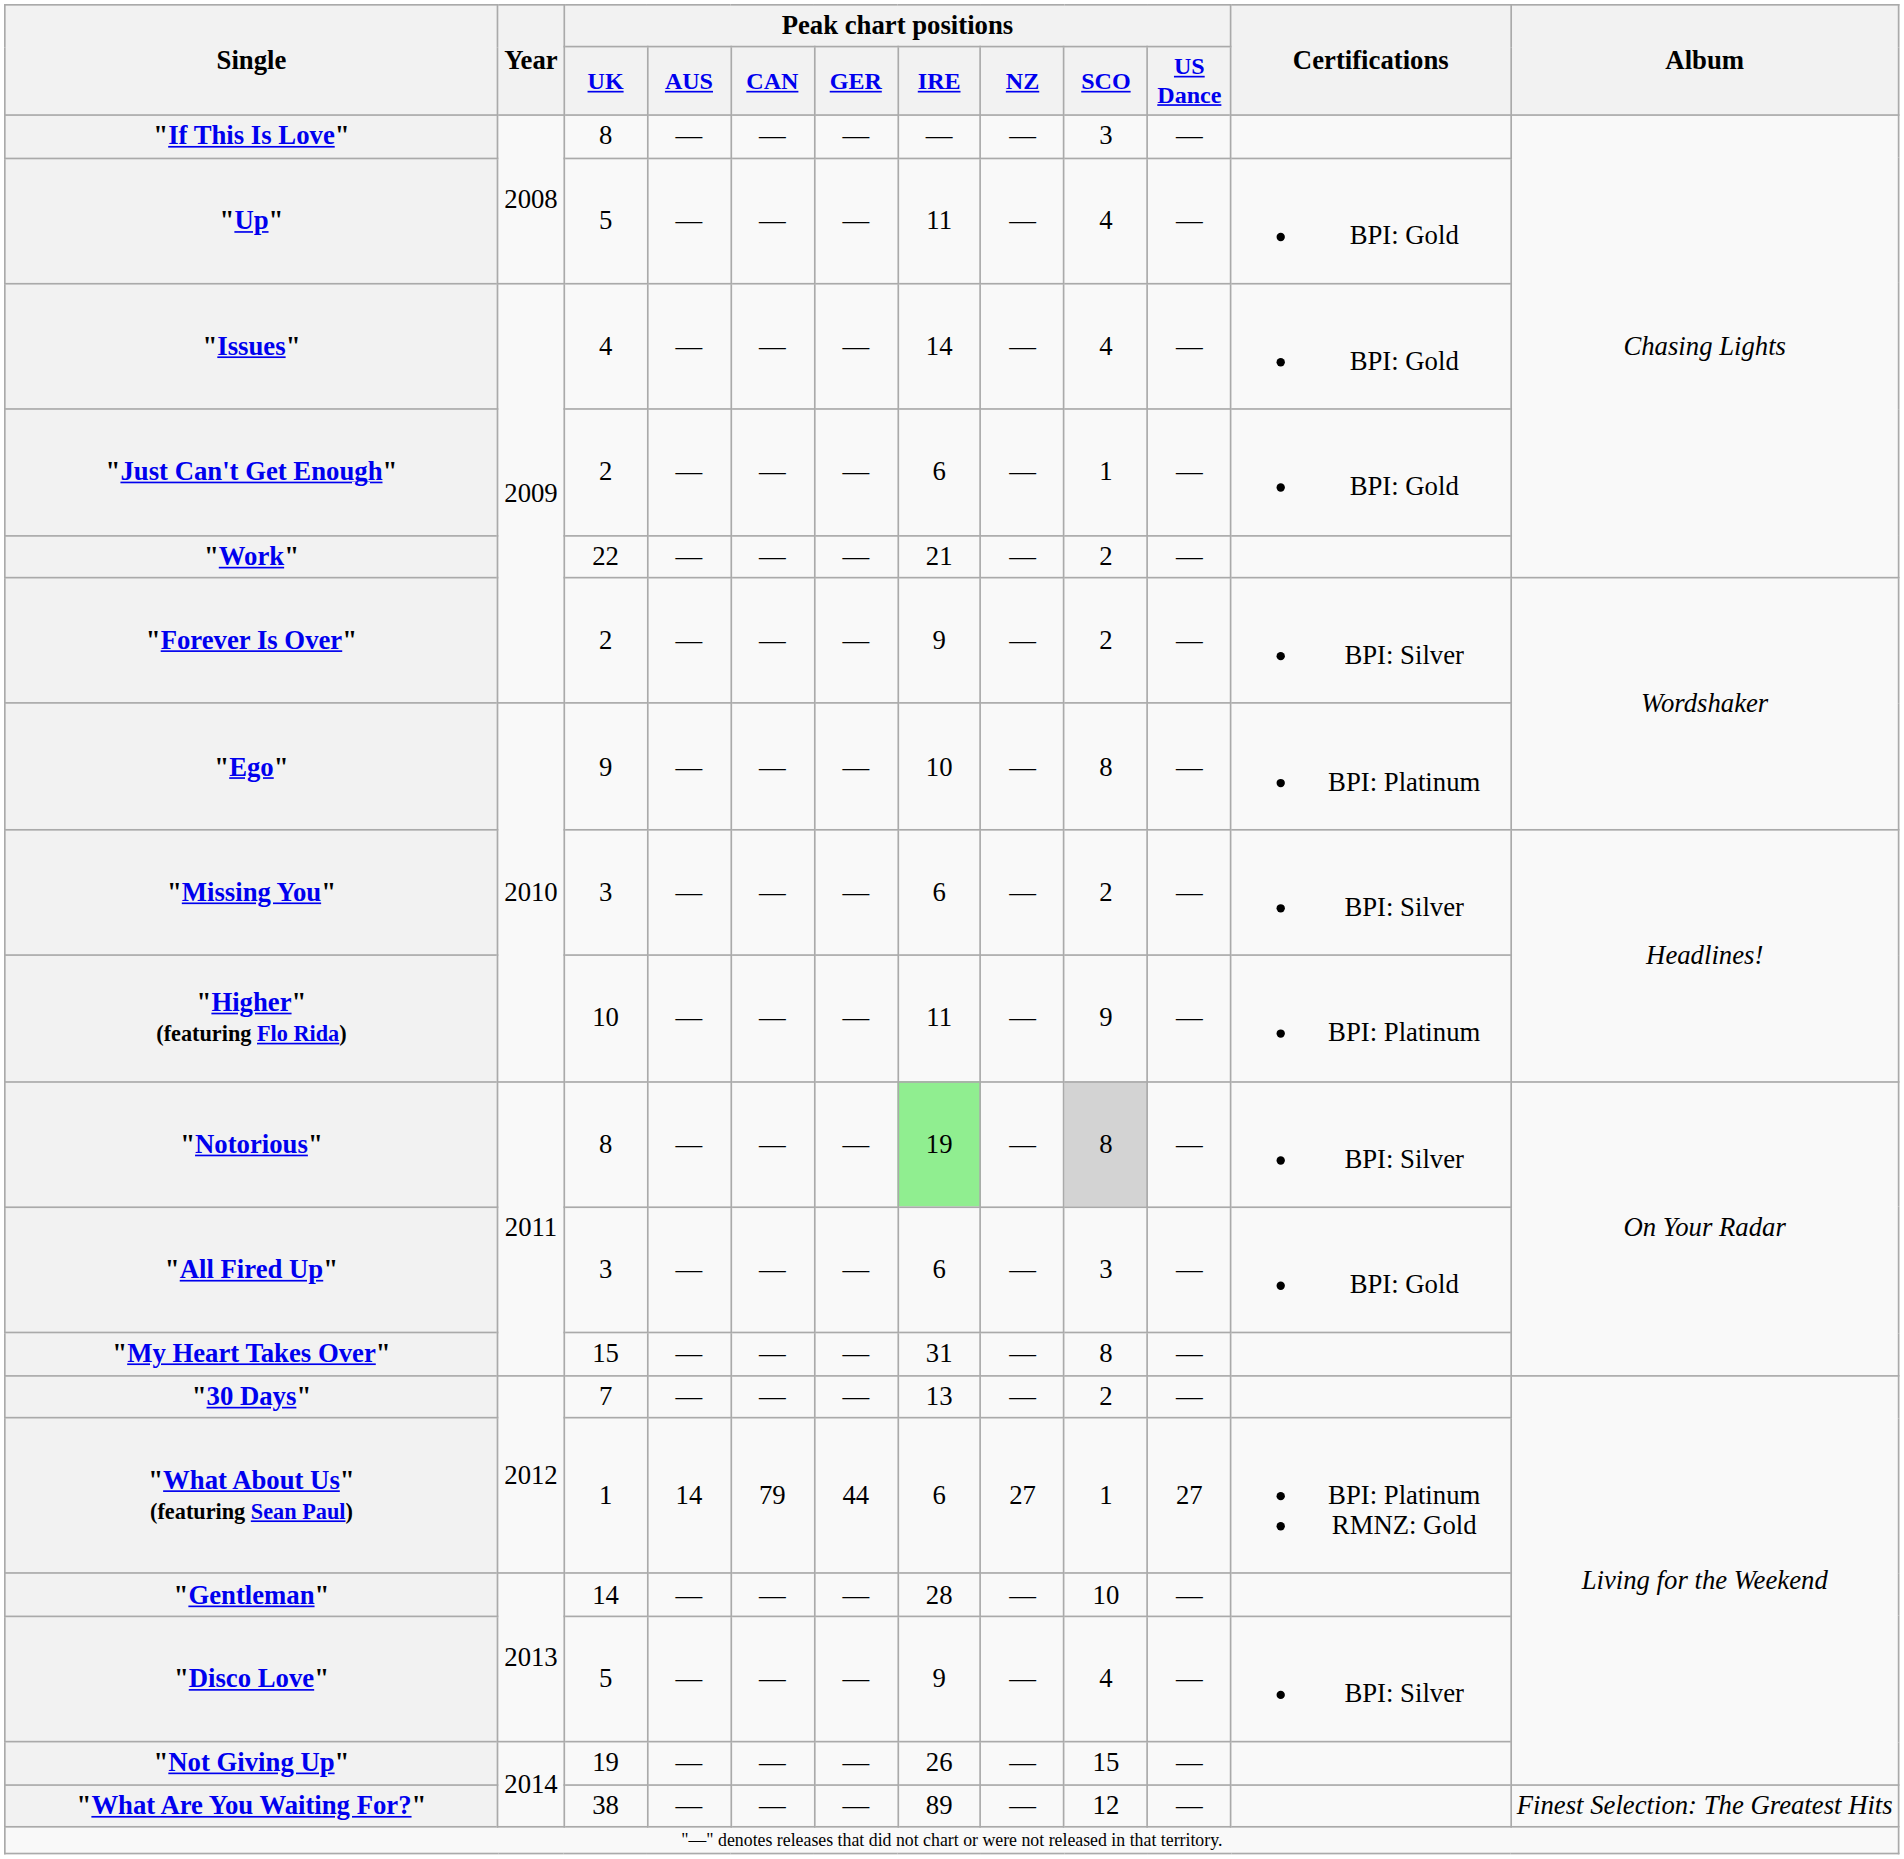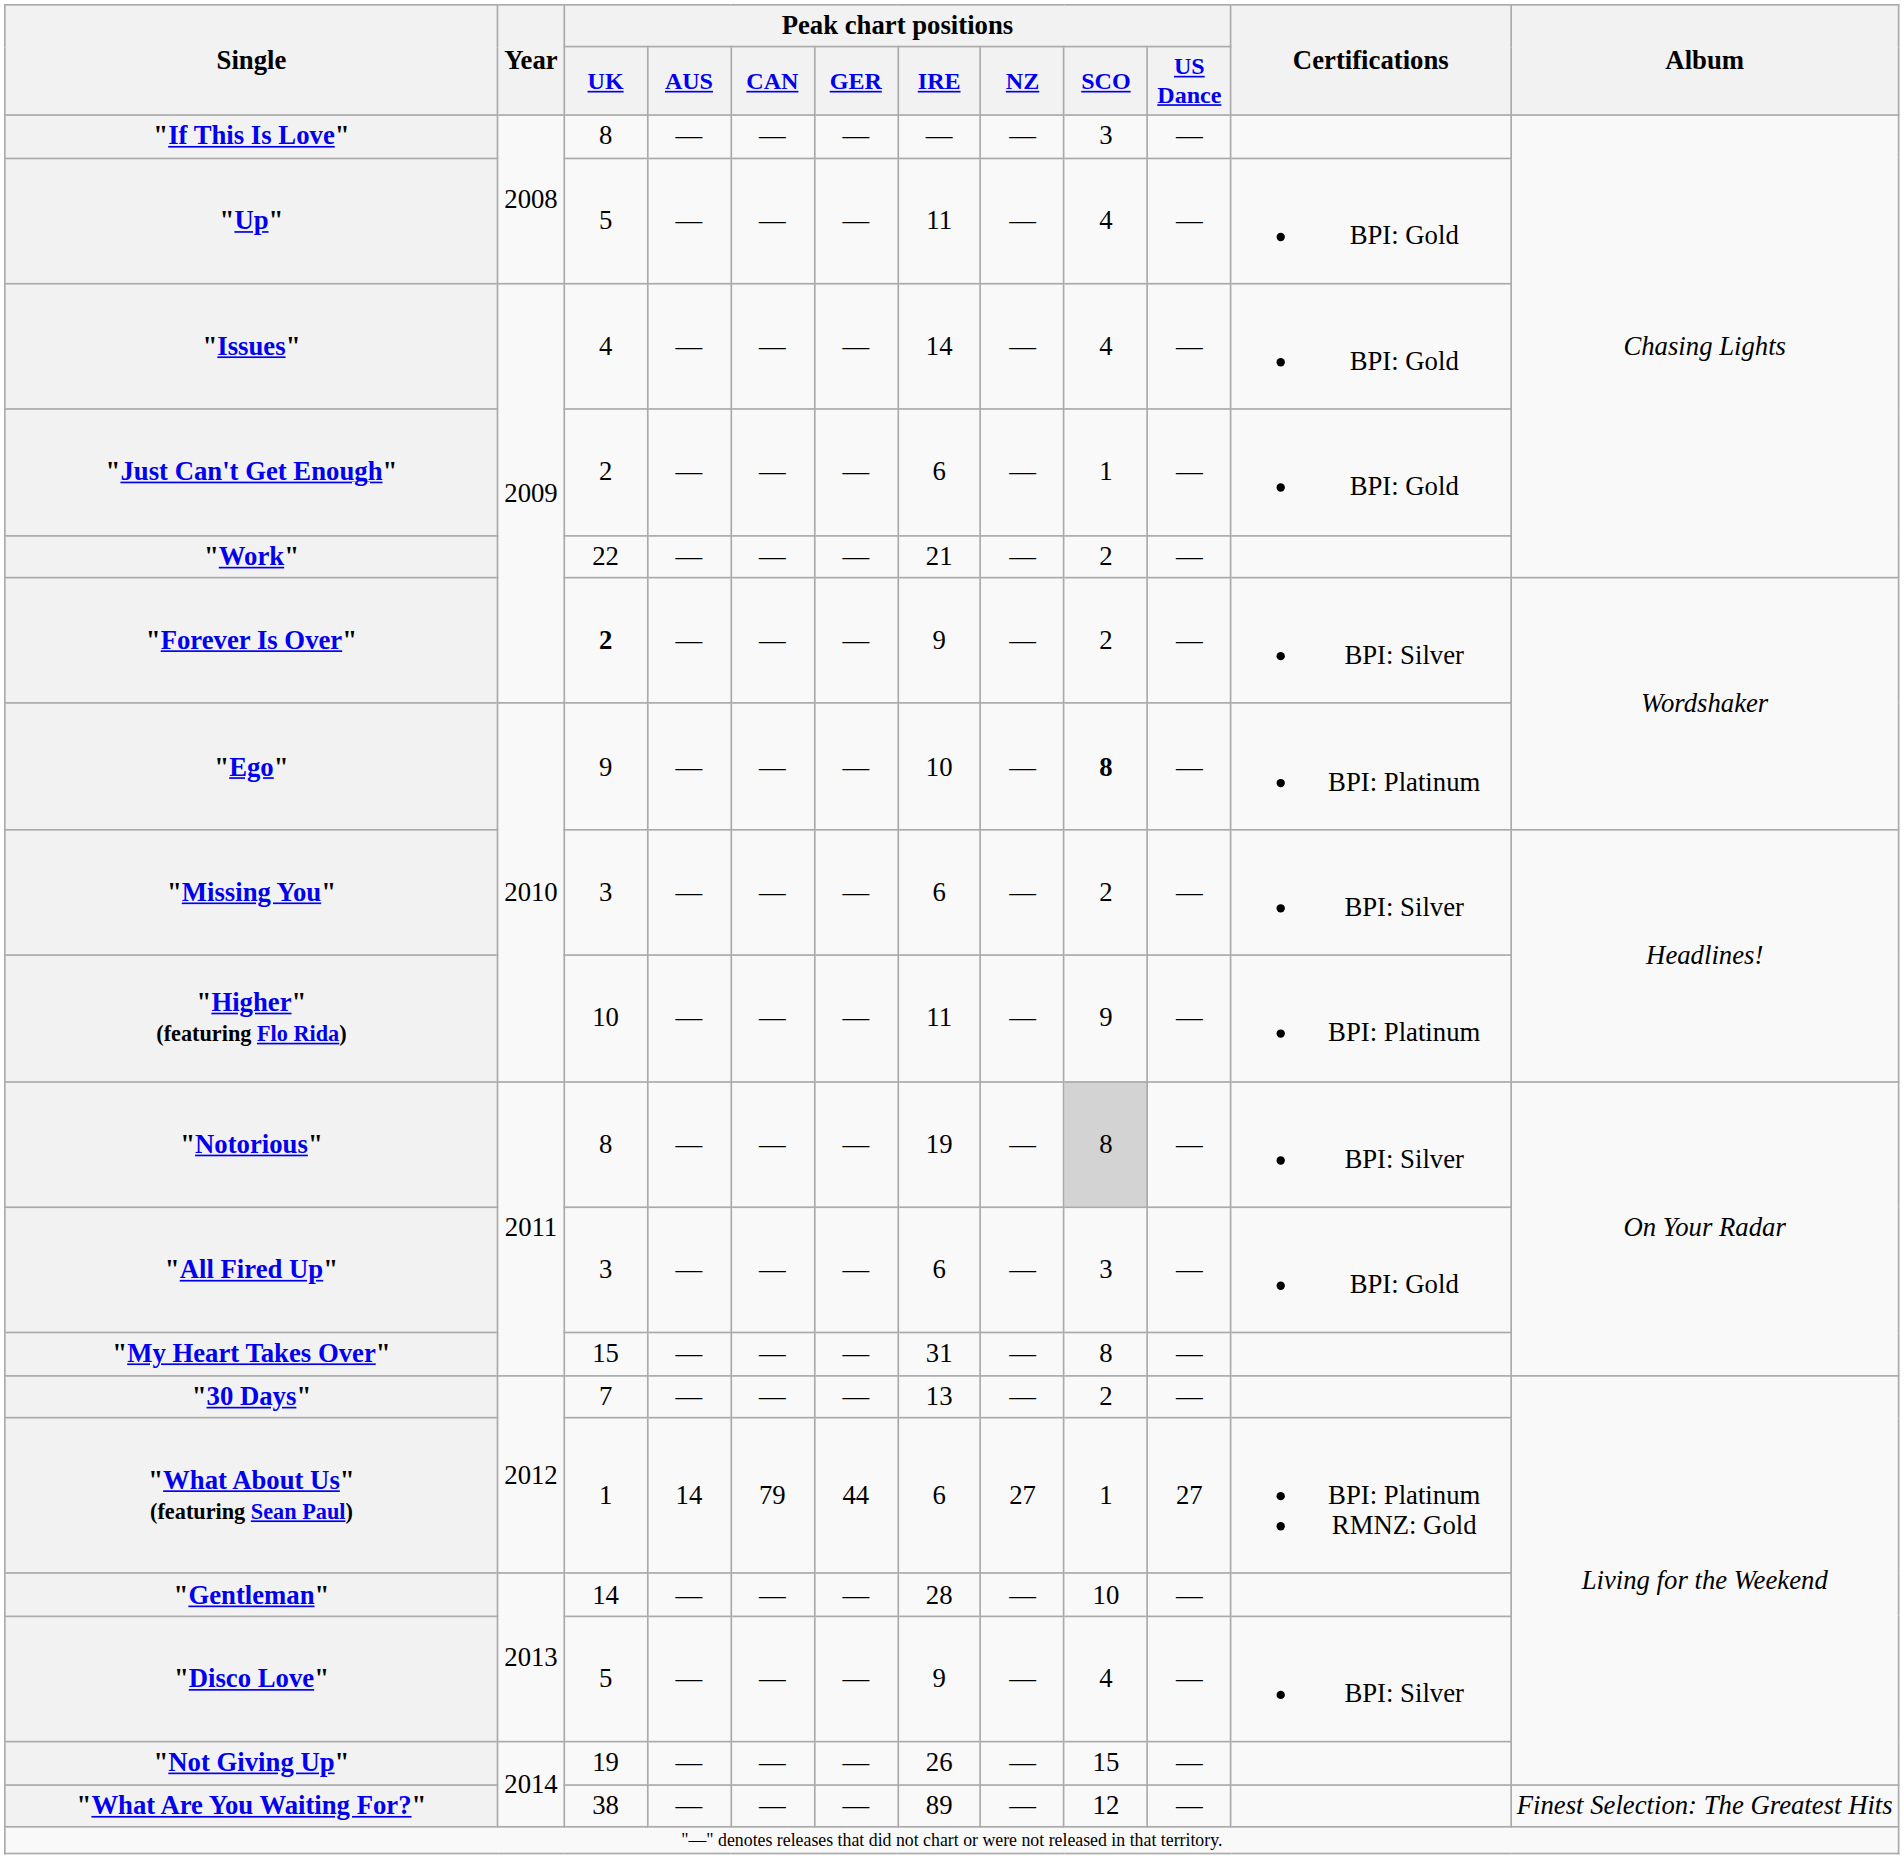 <table class="wikitable plainrowheaders" style="text-align:center;">
 <tr>
 <th scope="colw" rowspan="2" style="width:18em;">Single</th>
 <th scope="col" rowspan="2">Year</th>
 <th scope="col" colspan="8">Peak chart positions</th>
 <th scope="col" rowspan="2" style="width:10em;">Certifications</th>
 <th scope="col" rowspan="2">Album</th>
 </tr>
 <tr>
 <th scope="col" style="width:3em;font-size:90%;"><a href='#'>UK</a><br></th>
 <th scope="col" style="width:3em;font-size:90%;"><a href='#'>AUS</a><br></th>
 <th scope="col" style="width:3em;font-size:90%;"><a href='#'>CAN</a><br></th>
 <th scope="col" style="width:3em;font-size:90%;"><a href='#'>GER</a><br></th>
 <th scope="col" style="width:3em;font-size:90%;"><a href='#'>IRE</a><br></th>
 <th scope="col" style="width:3em;font-size:90%;"><a href='#'>NZ</a><br></th>
 <th scope="col" style="width:3em;font-size:90%;"><a href='#'>SCO</a><br></th>
 <th scope="col" style="width:3em;font-size:90%;"><a href='#'>US Dance</a><br></th>
 </tr>
 <tr>
 <th scope="row">"<a href='#'>If This Is Love</a>"</th>
 <td rowspan="2">2008</td>
 <td>8</td>
 <td>—</td>
 <td>—</td>
 <td>—</td>
 <td>—</td>
 <td>—</td>
 <td>3</td>
 <td>—</td>
 <td></td>
 <td rowspan="5"><em>Chasing Lights</em></td>
 </tr>
 <tr>
 <th scope="row">"<a href='#'>Up</a>"</th>
 <td>5</td>
 <td>—</td>
 <td>—</td>
 <td>—</td>
 <td>11</td>
 <td>—</td>
 <td>4</td>
 <td>—</td>
 <td><br><ul><li>BPI: Gold</li></ul></td>
 </tr>
 <tr>
 <th scope="row">"<a href='#'>Issues</a>"</th>
 <td rowspan="4">2009</td>
 <td>4</td>
 <td>—</td>
 <td>—</td>
 <td>—</td>
 <td>14</td>
 <td>—</td>
 <td>4</td>
 <td>—</td>
 <td><br><ul><li>BPI: Gold</li></ul></td>
 </tr>
 <tr>
 <th scope="row">"<a href='#'>Just Can't Get Enough</a>"</th>
 <td>2</td>
 <td>—</td>
 <td>—</td>
 <td>—</td>
 <td>6</td>
 <td>—</td>
 <td>1</td>
 <td>—</td>
 <td><br><ul><li>BPI: Gold</li></ul></td>
 </tr>
 <tr>
 <th scope="row">"<a href='#'>Work</a>"</th>
 <td>22</td>
 <td>—</td>
 <td>—</td>
 <td>—</td>
 <td>21</td>
 <td>—</td>
 <td>2</td>
 <td>—</td>
 <td></td>
 </tr>
 <tr>
 <th scope="row">"<a href='#'>Forever Is Over</a>"</th>
-<td>2</td>
+<td><strong>2</strong></td>
 <td>—</td>
 <td>—</td>
 <td>—</td>
 <td>9</td>
 <td>—</td>
 <td>2</td>
 <td>—</td>
 <td><br><ul><li>BPI: Silver</li></ul></td>
 <td rowspan="2"><em>Wordshaker</em></td>
 </tr>
 <tr>
 <th scope="row">"<a href='#'>Ego</a>"</th>
 <td rowspan="3">2010</td>
 <td>9</td>
 <td>—</td>
 <td>—</td>
 <td>—</td>
 <td>10</td>
 <td>—</td>
-<td>8</td>
+<td><strong>8</strong></td>
 <td>—</td>
 <td><br><ul><li>BPI: Platinum</li></ul></td>
 </tr>
 <tr>
 <th scope="row">"<a href='#'>Missing You</a>"</th>
 <td>3</td>
 <td>—</td>
 <td>—</td>
 <td>—</td>
 <td>6</td>
 <td>—</td>
 <td>2</td>
 <td>—</td>
 <td><br><ul><li>BPI: Silver</li></ul></td>
 <td rowspan="2"><em>Headlines!</em></td>
 </tr>
 <tr>
 <th scope="row">"<a href='#'>Higher</a>"<br><small>(featuring <a href='#'>Flo Rida</a>)</small></th>
 <td>10</td>
 <td>—</td>
 <td>—</td>
 <td>—</td>
 <td>11</td>
 <td>—</td>
 <td>9</td>
 <td>—</td>
 <td><br><ul><li>BPI: Platinum</li></ul></td>
 </tr>
 <tr>
 <th scope="row">"<a href='#'>Notorious</a>"</th>
 <td rowspan="3">2011</td>
 <td>8</td>
 <td>—</td>
 <td>—</td>
 <td>—</td>
-<td style="background: lightgreen;">19</td>
+<td>19</td>
 <td>—</td>
 <td style="background: lightgrey;">8</td>
 <td>—</td>
 <td><br><ul><li>BPI: Silver</li></ul></td>
 <td rowspan="3"><em>On Your Radar</em></td>
 </tr>
 <tr>
 <th scope="row">"<a href='#'>All Fired Up</a>"</th>
 <td>3</td>
 <td>—</td>
 <td>—</td>
 <td>—</td>
 <td>6</td>
 <td>—</td>
 <td>3</td>
 <td>—</td>
 <td><br><ul><li>BPI: Gold</li></ul></td>
 </tr>
 <tr>
 <th scope="row">"<a href='#'>My Heart Takes Over</a>"</th>
 <td>15</td>
 <td>—</td>
 <td>—</td>
 <td>—</td>
 <td>31</td>
 <td>—</td>
 <td>8</td>
 <td>—</td>
 <td></td>
 </tr>
 <tr>
 <th scope="row">"<a href='#'>30 Days</a>"</th>
 <td rowspan="2">2012</td>
 <td>7</td>
 <td>—</td>
 <td>—</td>
 <td>—</td>
 <td>13</td>
 <td>—</td>
 <td>2</td>
 <td>—</td>
 <td></td>
 <td rowspan="5"><em>Living for the Weekend</em></td>
 </tr>
 <tr>
 <th scope="row">"<a href='#'>What About Us</a>"<br><small>(featuring <a href='#'>Sean Paul</a>)</small></th>
 <td>1</td>
 <td>14</td>
 <td>79</td>
 <td>44</td>
 <td>6</td>
 <td>27</td>
 <td>1</td>
 <td>27</td>
 <td><br><ul><li>BPI: Platinum</li><li>RMNZ: Gold</li></ul></td>
 </tr>
 <tr>
 <th scope="row">"<a href='#'>Gentleman</a>"</th>
 <td rowspan="2">2013</td>
 <td>14</td>
 <td>—</td>
 <td>—</td>
 <td>—</td>
 <td>28</td>
 <td>—</td>
 <td>10</td>
 <td>—</td>
 <td></td>
 </tr>
 <tr>
 <th scope="row">"<a href='#'>Disco Love</a>"</th>
 <td>5</td>
 <td>—</td>
 <td>—</td>
 <td>—</td>
 <td>9</td>
 <td>—</td>
 <td>4</td>
 <td>—</td>
 <td><br><ul><li>BPI: Silver</li></ul></td>
 </tr>
 <tr>
 <th scope="row">"<a href='#'>Not Giving Up</a>"</th>
 <td rowspan="2">2014</td>
 <td>19</td>
 <td>—</td>
 <td>—</td>
 <td>—</td>
 <td>26</td>
 <td>—</td>
 <td>15</td>
 <td>—</td>
 <td></td>
 </tr>
 <tr>
 <th scope="row">"<a href='#'>What Are You Waiting For?</a>"</th>
 <td>38</td>
 <td>—</td>
 <td>—</td>
 <td>—</td>
 <td>89</td>
 <td>—</td>
 <td>12</td>
 <td>—</td>
 <td></td>
 <td><em>Finest Selection: The Greatest Hits</em></td>
 </tr>
 <tr>
 <td colspan="20" style="font-size:8pt">"—" denotes releases that did not chart or were not released in that territory.</td>
 </tr>
 </table>
